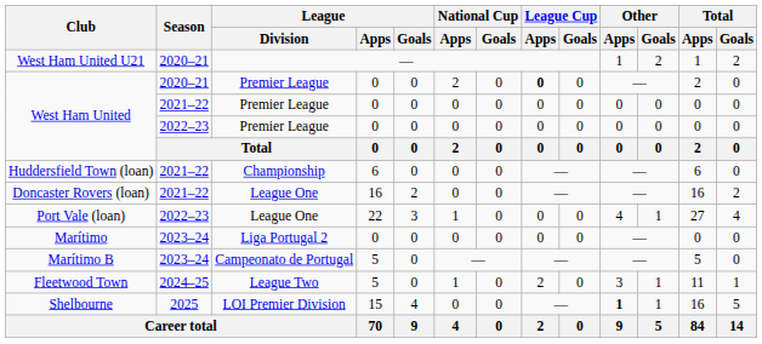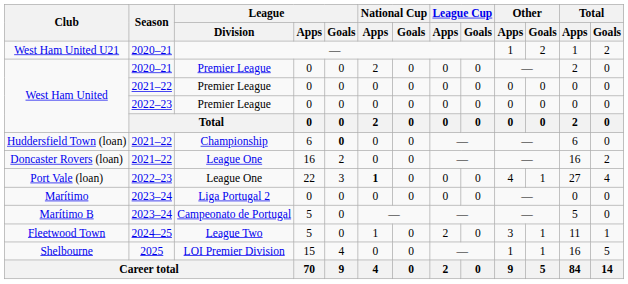 <table class=wikitable style=text-align:center>
 <tr>
 <th rowspan=2>Club</th>
 <th rowspan=2>Season</th>
 <th colspan=3>League</th>
 <th colspan=2>National Cup</th>
 <th colspan=2><a href='#'>League Cup</a></th>
 <th colspan=2>Other</th>
 <th colspan=2>Total</th>
 </tr>
 <tr>
 <th>Division</th>
 <th>Apps</th>
 <th>Goals</th>
 <th>Apps</th>
 <th>Goals</th>
 <th>Apps</th>
 <th>Goals</th>
 <th>Apps</th>
 <th>Goals</th>
 <th>Apps</th>
 <th>Goals</th>
 </tr>
 <tr>
 <td><a href='#'>West Ham United U21</a></td>
 <td><a href='#'>2020–21</a></td>
 <td colspan="7">—</td>
 <td>1</td>
 <td>2</td>
 <td>1</td>
 <td>2</td>
 </tr>
 <tr>
 <td rowspan="4"><a href='#'>West Ham United</a></td>
 <td><a href='#'>2020–21</a></td>
 <td><a href='#'>Premier League</a></td>
 <td>0</td>
 <td>0</td>
 <td>2</td>
 <td>0</td>
-<td><strong>0</strong></td>
+<td>0</td>
 <td>0</td>
 <td colspan=2>—</td>
 <td>2</td>
 <td>0</td>
 </tr>
 <tr>
 <td><a href='#'>2021–22</a></td>
 <td>Premier League</td>
 <td>0</td>
 <td>0</td>
 <td>0</td>
 <td>0</td>
 <td>0</td>
 <td>0</td>
 <td>0</td>
 <td>0</td>
 <td>0</td>
 <td>0</td>
 </tr>
 <tr>
 <td><a href='#'>2022–23</a></td>
 <td>Premier League</td>
 <td>0</td>
 <td>0</td>
 <td>0</td>
 <td>0</td>
 <td>0</td>
 <td>0</td>
 <td>0</td>
 <td>0</td>
 <td>0</td>
 <td>0</td>
 </tr>
 <tr>
 <th colspan=2>Total</th>
 <th>0</th>
 <th>0</th>
 <th>2</th>
 <th>0</th>
 <th>0</th>
 <th>0</th>
 <th>0</th>
 <th>0</th>
 <th>2</th>
 <th>0</th>
 </tr>
 <tr>
 <td><a href='#'>Huddersfield Town</a> (loan)</td>
 <td><a href='#'>2021–22</a></td>
 <td><a href='#'>Championship</a></td>
 <td>6</td>
-<td>0</td>
+<td><strong>0</strong></td>
 <td>0</td>
 <td>0</td>
 <td colspan=2>—</td>
 <td colspan=2>—</td>
 <td>6</td>
 <td>0</td>
 </tr>
 <tr>
 <td><a href='#'>Doncaster Rovers</a> (loan)</td>
 <td><a href='#'>2021–22</a></td>
 <td><a href='#'>League One</a></td>
 <td>16</td>
 <td>2</td>
 <td>0</td>
 <td>0</td>
 <td colspan=2>—</td>
 <td colspan=2>—</td>
 <td>16</td>
 <td>2</td>
 </tr>
 <tr>
 <td><a href='#'>Port Vale</a> (loan)</td>
 <td><a href='#'>2022–23</a></td>
 <td>League One</td>
 <td>22</td>
 <td>3</td>
-<td>1</td>
+<td><strong>1</strong></td>
 <td>0</td>
 <td>0</td>
 <td>0</td>
 <td>4</td>
 <td>1</td>
 <td>27</td>
 <td>4</td>
 </tr>
 <tr>
 <td><a href='#'>Marítimo</a></td>
 <td><a href='#'>2023–24</a></td>
 <td><a href='#'>Liga Portugal 2</a></td>
 <td>0</td>
 <td>0</td>
 <td>0</td>
 <td>0</td>
 <td>0</td>
 <td>0</td>
 <td colspan=2>—</td>
 <td>0</td>
 <td>0</td>
 </tr>
 <tr>
 <td><a href='#'>Marítimo B</a></td>
 <td><a href='#'>2023–24</a></td>
 <td><a href='#'>Campeonato de Portugal</a></td>
 <td>5</td>
 <td>0</td>
 <td colspan=2>—</td>
 <td colspan=2>—</td>
 <td colspan=2>—</td>
 <td>5</td>
 <td>0</td>
 </tr>
 <tr>
 <td><a href='#'>Fleetwood Town</a></td>
 <td><a href='#'>2024–25</a></td>
 <td><a href='#'>League Two</a></td>
 <td>5</td>
 <td>0</td>
 <td>1</td>
 <td>0</td>
 <td>2</td>
 <td>0</td>
 <td>3</td>
 <td>1</td>
 <td>11</td>
 <td>1</td>
 </tr>
 <tr>
 <td><a href='#'>Shelbourne</a></td>
 <td><a href='#'>2025</a></td>
 <td><a href='#'>LOI Premier Division</a></td>
 <td>15</td>
 <td>4</td>
 <td>0</td>
 <td>0</td>
 <td colspan=2>—</td>
-<td><strong>1</strong></td>
+<td>1</td>
 <td>1</td>
 <td>16</td>
 <td>5</td>
 </tr>
 <tr>
 <th colspan=3>Career total</th>
 <th>70</th>
 <th>9</th>
 <th>4</th>
 <th>0</th>
 <th>2</th>
 <th>0</th>
 <th>9</th>
 <th>5</th>
 <th>84</th>
 <th>14</th>
 </tr>
 </table>
